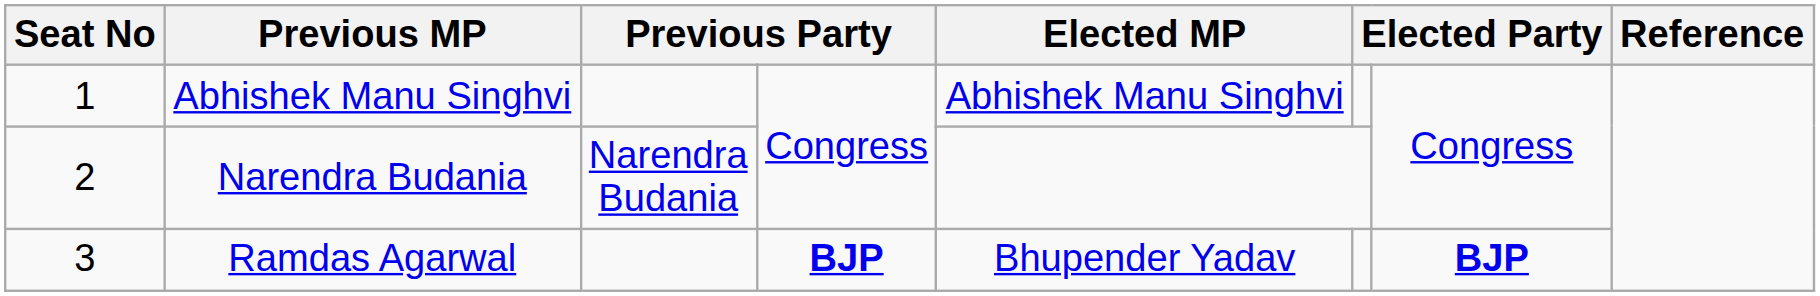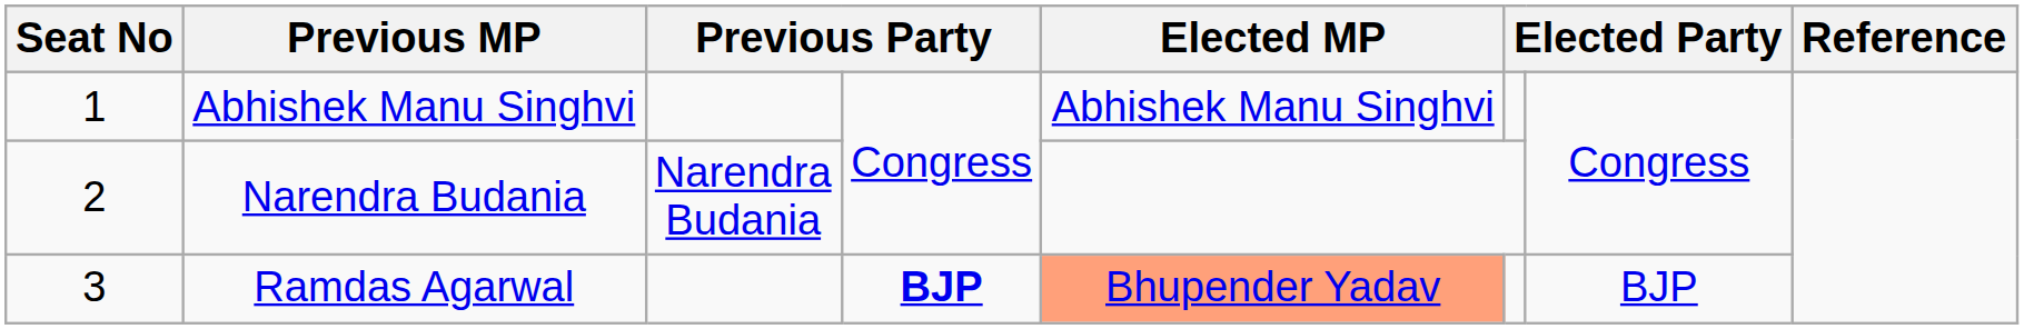 <table class="wikitable">
 <tr>
 <th>Seat No</th>
 <th>Previous MP</th>
 <th colspan=2>Previous Party</th>
 <th>Elected MP</th>
 <th colspan=2>Elected Party</th>
 <th>Reference</th>
 </tr>
 <tr style="text-align:center;">
 <td>1</td>
 <td><a href='#'>Abhishek Manu Singhvi</a></td>
 <td width="1px"></td>
 <td rowspan=2><a href='#'>Congress</a></td>
 <td><a href='#'>Abhishek Manu Singhvi</a></td>
 <td width="1px"></td>
 <td rowspan=2><a href='#'>Congress</a></td>
 <td rowspan=3></td>
 </tr>
 <tr style="text-align:center;">
 <td>2</td>
 <td><a href='#'>Narendra Budania</a></td>
 <td><a href='#'>Narendra Budania</a></td>
 </tr>
 <tr style="text-align:center;">
 <td>3</td>
 <td><a href='#'>Ramdas Agarwal</a></td>
 <td width="1px"></td>
 <td><strong><a href='#'>BJP</a></strong></td>
-<td><a href='#'>Bhupender Yadav</a></td>
+<td style="background: lightsalmon;"><a href='#'>Bhupender Yadav</a></td>
 <td width="1px"></td>
-<td><strong><a href='#'>BJP</a></strong></td>
+<td><a href='#'>BJP</a></td>
 </tr>
 </table>
